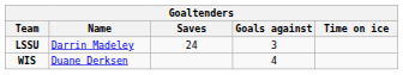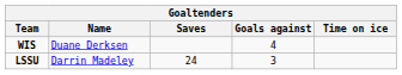 <table class="wikitable" style="width:40em; text-align:right;">
 <tr>
 <th colspan=5>Goaltenders</th>
 </tr>
 <tr>
 <th style="width:4em;">Team</th>
 <th style="width:10em;">Name</th>
 <th style="width:8em;">Saves</th>
 <th style="width:8em;">Goals against</th>
 <th style="width:8em;">Time on ice</th>
 </tr>
 <tr>
+<td align=center><strong>WIS</strong></td>
+<td style="text-align:left;"><a href='#'>Duane Derksen</a></td>
+<td align=center></td>
+<td align=center>4</td>
+<td align=center></td>
+</tr>
+<tr>
 <td align=center><strong>LSSU</strong></td>
 <td style="text-align:left;"><a href='#'>Darrin Madeley</a></td>
 <td align=center>24</td>
 <td align=center>3</td>
 <td></td>
 </tr>
-<tr>
-<td align=center><strong>WIS</strong></td>
-<td style="text-align:left;"><a href='#'>Duane Derksen</a></td>
-<td align=center></td>
-<td align=center>4</td>
-<td align=center></td>
-</tr>
 </table>
